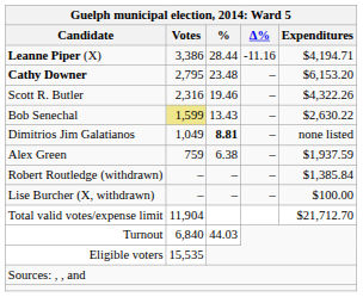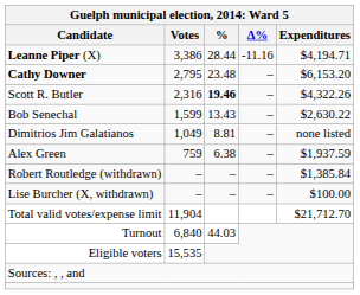 <table class="wikitable collapsible">
 <tr>
 <th colspan="5">Guelph municipal election, 2014: Ward 5</th>
 </tr>
 <tr>
 <th>Candidate</th>
 <th>Votes</th>
 <th>%</th>
 <th><a href='#'>Δ%</a></th>
 <th>Expenditures</th>
 </tr>
 <tr>
 <td><strong>Leanne Piper</strong> (X)</td>
 <td align="right">3,386</td>
 <td align="right">28.44</td>
 <td align="right">-11.16</td>
 <td align="right">$4,194.71</td>
 </tr>
 <tr>
 <td><strong>Cathy Downer</strong></td>
 <td align="right">2,795</td>
 <td align="right">23.48</td>
 <td align="right">–</td>
 <td align="right">$6,153.20</td>
 </tr>
 <tr>
 <td>Scott R. Butler</td>
 <td align="right">2,316</td>
-<td align="right">19.46</td>
+<td align="right"><strong>19.46</strong></td>
 <td align="right">–</td>
 <td align="right">$4,322.26</td>
 </tr>
 <tr>
 <td>Bob Senechal</td>
-<td align="right" style="background: khaki;">1,599</td>
+<td align="right">1,599</td>
 <td align="right">13.43</td>
 <td align="right">–</td>
 <td align="right">$2,630.22</td>
 </tr>
 <tr>
 <td>Dimitrios Jim Galatianos</td>
 <td align="right">1,049</td>
-<td align="right"><strong>8.81</strong></td>
+<td align="right">8.81</td>
 <td align="right">–</td>
 <td align="right">none listed</td>
 </tr>
 <tr>
 <td>Alex Green</td>
 <td align="right">759</td>
 <td align="right">6.38</td>
 <td align="right">–</td>
 <td align="right">$1,937.59</td>
 </tr>
 <tr>
 <td>Robert Routledge (withdrawn)</td>
 <td align="right">–</td>
 <td align="right">–</td>
 <td align="right">–</td>
 <td align="right">$1,385.84</td>
 </tr>
 <tr>
 <td>Lise Burcher (X, withdrawn)</td>
 <td align="right">–</td>
 <td align="right">–</td>
 <td align="right">–</td>
 <td align="right">$100.00</td>
 </tr>
 <tr>
 <td style="text-align:right;background: white;">Total valid votes/expense limit</td>
 <td style="text-align:right;background: white;">11,904</td>
 <td style="text-align:right;background: white;"></td>
 <td style="text-align:right;background: white;"> </td>
 <td style="text-align:right;background: white;">$21,712.70</td>
 </tr>
 <tr>
 <td style="text-align:right;background: white;">Turnout</td>
 <td style="text-align:right;background: white;">6,840</td>
 <td style="text-align:right;background: white;">44.03</td>
 </tr>
 <tr>
 <td style="text-align:right;background: white;">Eligible voters</td>
 <td style="text-align:right;background: white;">15,535</td>
 </tr>
 <tr>
 <td colspan="5">Sources: , , and </td>
 </tr>
 <tr>
 <td colspan="5"></td>
 </tr>
 </table>
